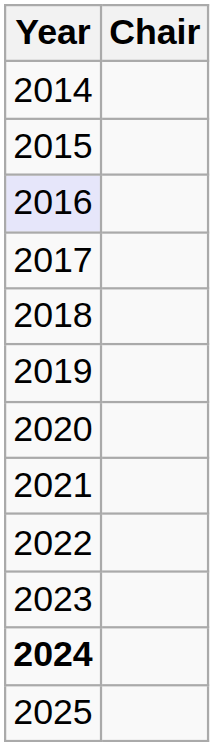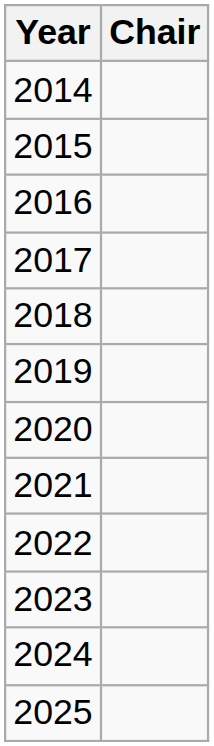 <table class="wikitable">
 <tr>
 <th>Year</th>
 <th>Chair</th>
 </tr>
 <tr>
 <td>2014</td>
 <td></td>
 </tr>
 <tr>
 <td>2015</td>
 <td></td>
 </tr>
 <tr>
-<td style="background: lavender;">2016</td>
+<td>2016</td>
 <td></td>
 </tr>
 <tr>
 <td>2017</td>
 <td></td>
 </tr>
 <tr>
 <td>2018</td>
 <td></td>
 </tr>
 <tr>
 <td>2019</td>
 <td></td>
 </tr>
 <tr>
 <td>2020</td>
 <td></td>
 </tr>
 <tr>
 <td>2021</td>
 <td></td>
 </tr>
 <tr>
 <td>2022</td>
 <td></td>
 </tr>
 <tr>
 <td>2023</td>
 <td></td>
 </tr>
 <tr>
-<td><strong>2024</strong></td>
+<td>2024</td>
 <td></td>
 </tr>
 <tr>
 <td>2025</td>
 <td></td>
 </tr>
 </table>
